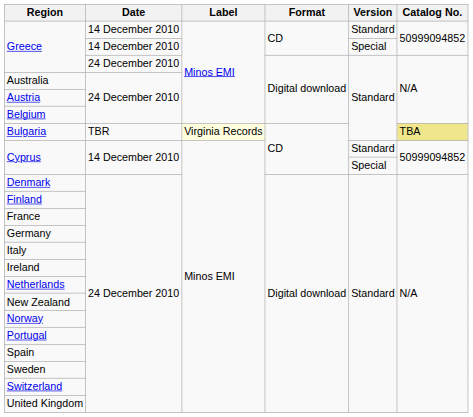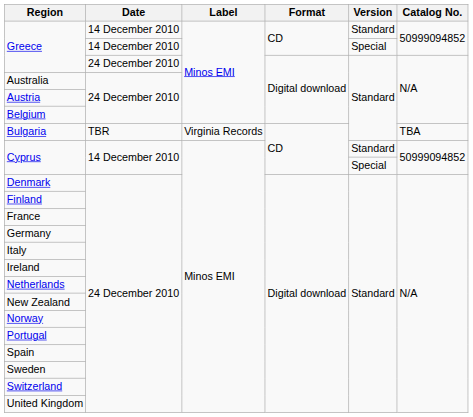 <table class=wikitable>
 <tr>
 <th>Region</th>
 <th>Date</th>
 <th>Label</th>
 <th>Format</th>
 <th>Version</th>
 <th>Catalog No.</th>
 </tr>
 <tr>
 <td rowspan="3"><a href='#'>Greece</a></td>
 <td>14 December 2010</td>
 <td rowspan="6"><a href='#'>Minos EMI</a></td>
 <td rowspan="2">CD</td>
 <td>Standard</td>
 <td rowspan="2">50999094852</td>
 </tr>
 <tr>
 <td>14 December 2010</td>
 <td>Special</td>
 </tr>
 <tr>
 <td>24 December 2010</td>
 <td rowspan="4">Digital download</td>
 <td rowspan="5">Standard</td>
 <td rowspan="4">N/A</td>
 </tr>
 <tr>
 <td>Australia</td>
 <td rowspan="3">24 December 2010</td>
 </tr>
 <tr>
 <td><a href='#'>Austria</a></td>
 </tr>
 <tr>
 <td><a href='#'>Belgium</a></td>
 </tr>
 <tr>
 <td><a href='#'>Bulgaria</a></td>
 <td>TBR</td>
-<td style="background: lightyellow;">Virginia Records</td>
+<td>Virginia Records</td>
 <td rowspan="3">CD</td>
-<td style="background: khaki;">TBA</td>
+<td>TBA</td>
 </tr>
 <tr>
 <td rowspan="2"><a href='#'>Cyprus</a></td>
 <td rowspan="2">14 December 2010</td>
 <td rowspan="16">Minos EMI</td>
 <td>Standard</td>
 <td rowspan="2">50999094852</td>
 </tr>
 <tr>
 <td>Special</td>
 </tr>
 <tr>
 <td><a href='#'>Denmark</a></td>
 <td rowspan="14">24 December 2010</td>
 <td rowspan="14">Digital download</td>
 <td rowspan="14">Standard</td>
 <td rowspan="14">N/A</td>
 </tr>
 <tr>
 <td><a href='#'>Finland</a></td>
 </tr>
 <tr>
 <td>France</td>
 </tr>
 <tr>
 <td>Germany</td>
 </tr>
 <tr>
 <td>Italy</td>
 </tr>
 <tr>
 <td>Ireland</td>
 </tr>
 <tr>
 <td><a href='#'>Netherlands</a></td>
 </tr>
 <tr>
 <td>New Zealand</td>
 </tr>
 <tr>
 <td><a href='#'>Norway</a></td>
 </tr>
 <tr>
 <td><a href='#'>Portugal</a></td>
 </tr>
 <tr>
 <td>Spain</td>
 </tr>
 <tr>
 <td>Sweden</td>
 </tr>
 <tr>
 <td><a href='#'>Switzerland</a></td>
 </tr>
 <tr>
 <td>United Kingdom</td>
 </tr>
 </table>
